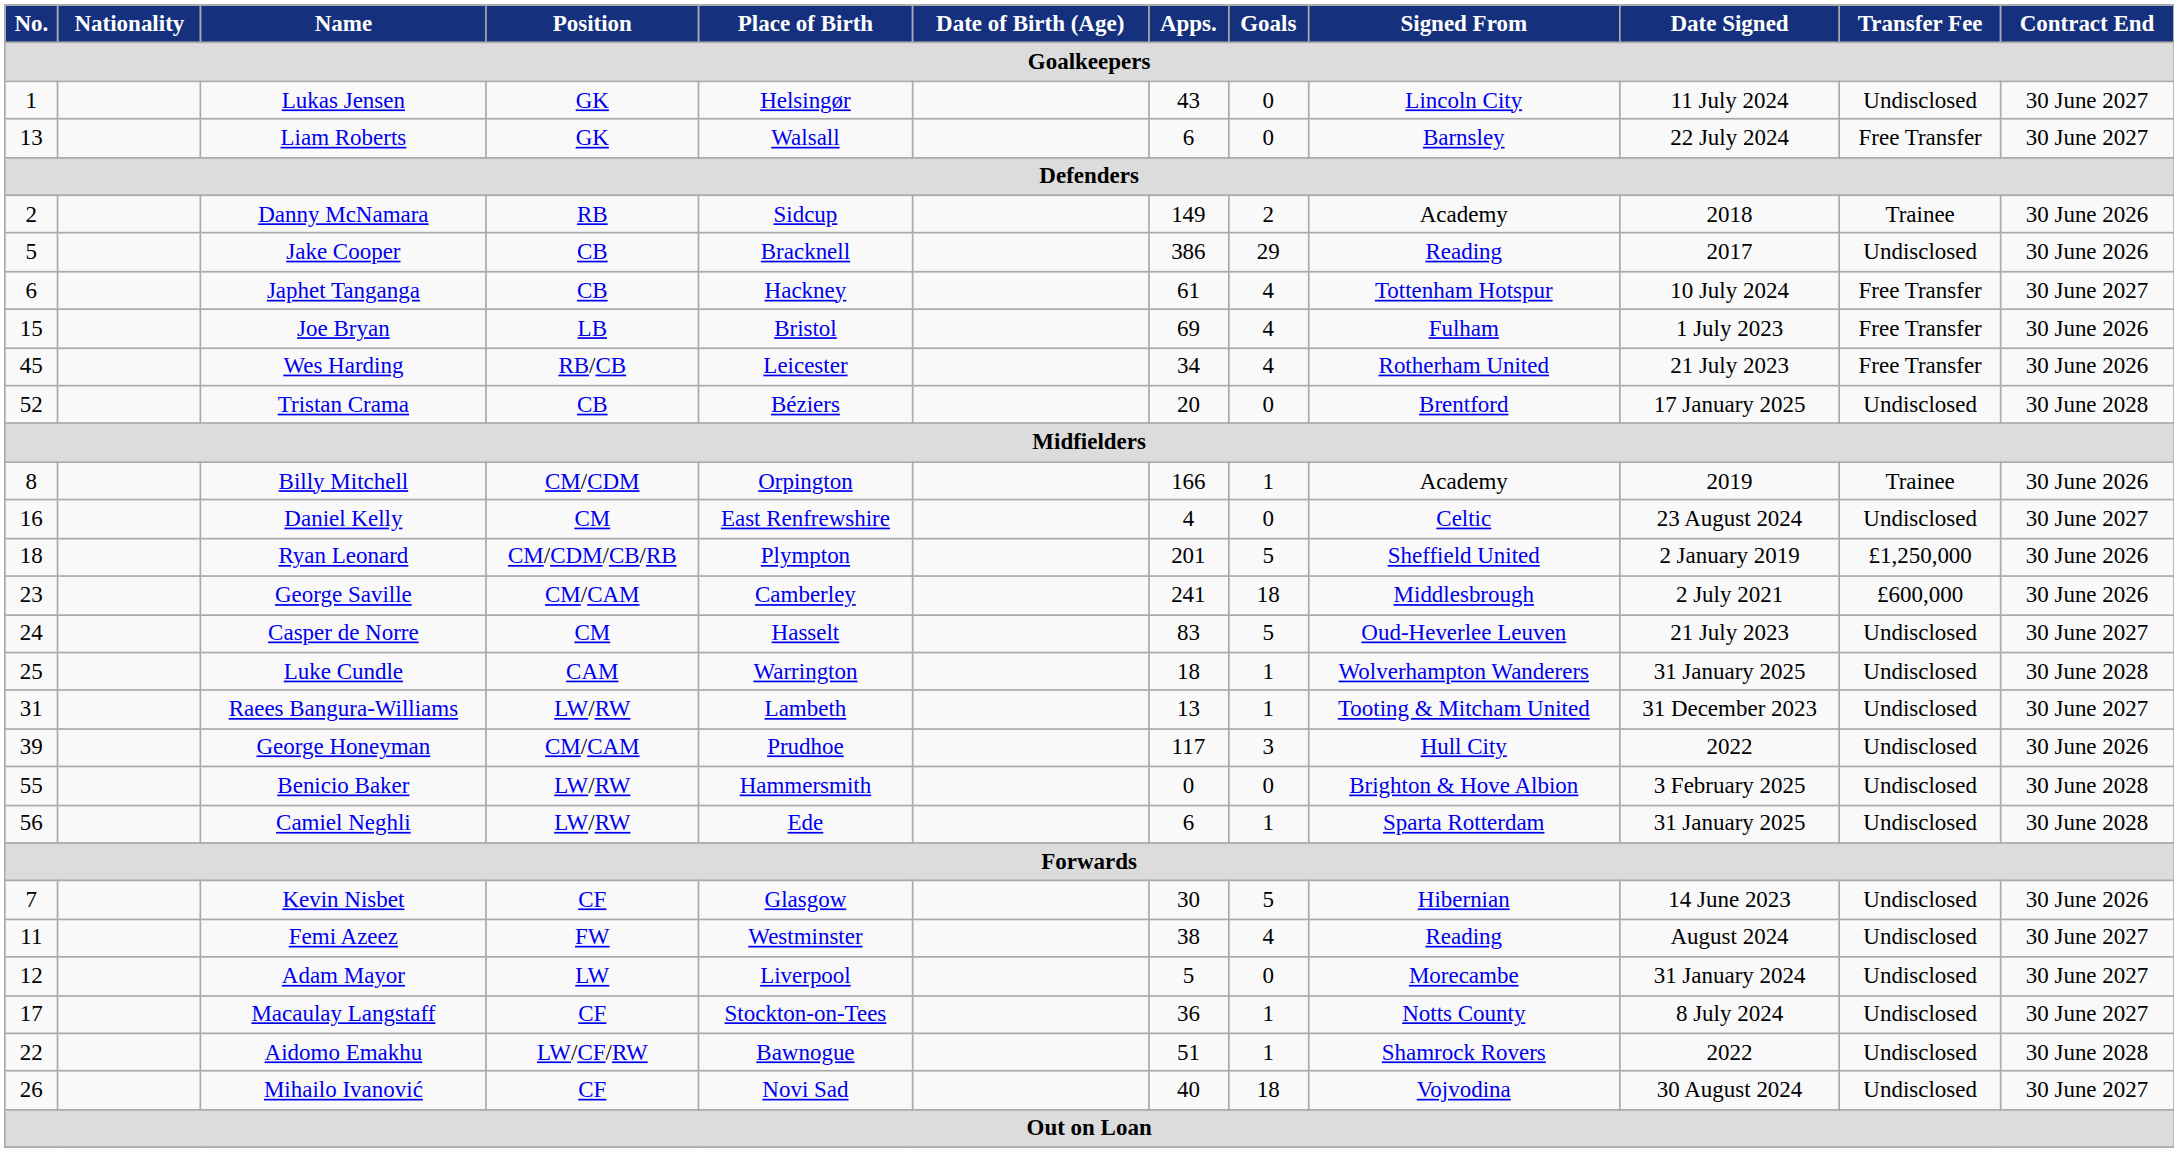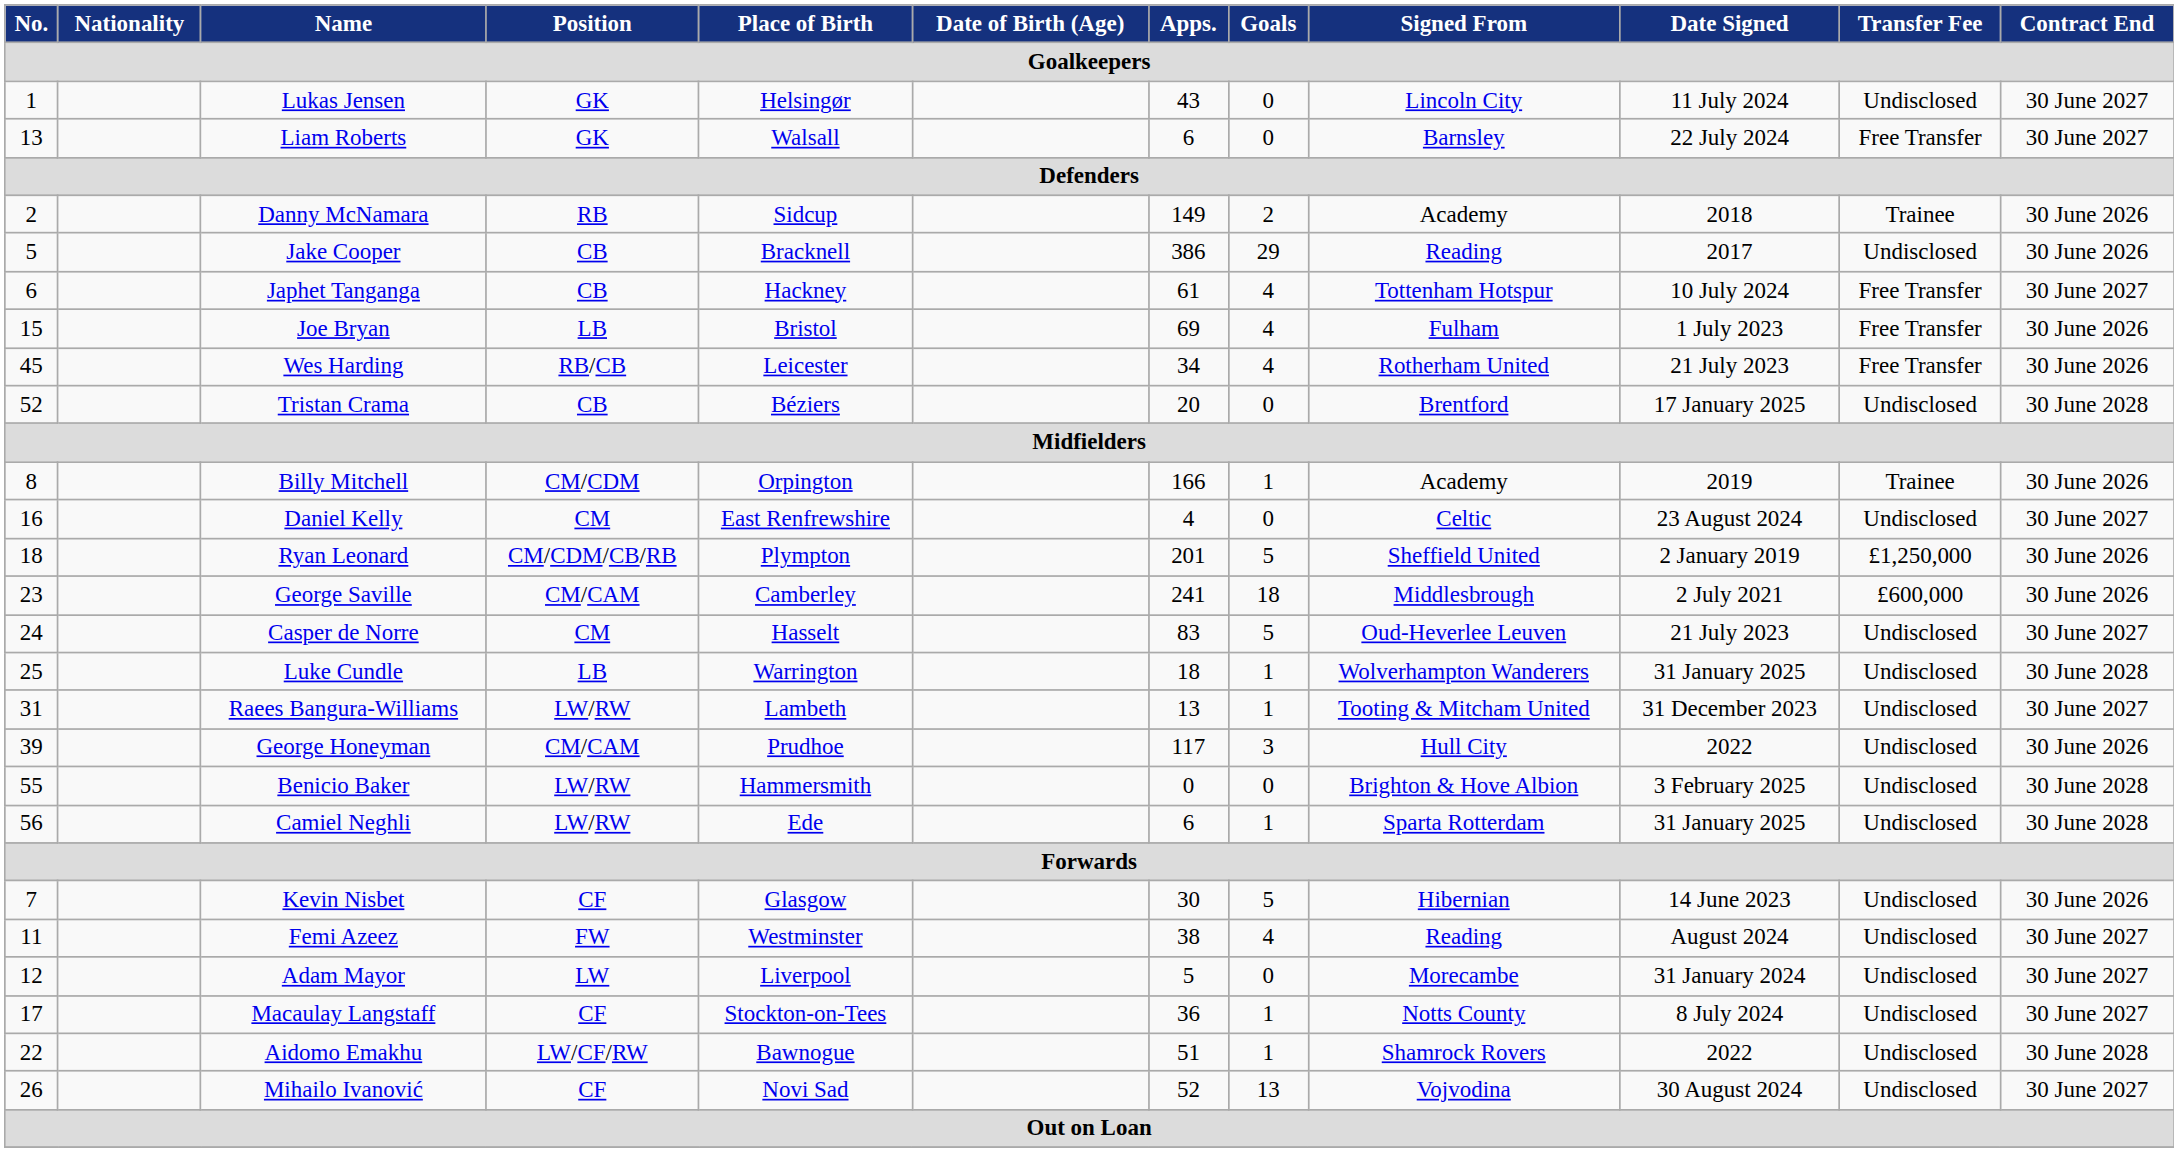 <table class="wikitable" style="text-align:center; font-size:84.5%; width:101%;">
 <tr>
 <th style="color:white; background:#15317E; text-align:center;">No.</th>
 <th style="color:white; background:#15317E; text-align:center;">Nationality</th>
 <th style="color:white; background:#15317E; text-align:center;">Name</th>
 <th style="color:white; background:#15317E; text-align:center;">Position</th>
 <th style="color:white; background:#15317E; text-align:center;">Place of Birth</th>
 <th style="color:white; background:#15317E; text-align:center;">Date of Birth (Age)</th>
 <th style="color:white; background:#15317E; text-align:center;">Apps.</th>
 <th style="color:white; background:#15317E; text-align:center;">Goals</th>
 <th style="color:white; background:#15317E; text-align:center;">Signed From</th>
 <th style="color:white; background:#15317E; text-align:center;">Date Signed</th>
 <th style="color:white; background:#15317E; text-align:center;">Transfer Fee</th>
 <th style="color:white; background:#15317E; text-align:center;">Contract End</th>
 </tr>
 <tr>
 <th colspan="14" style="background:#dcdcdc; tepxt-align:center;">Goalkeepers</th>
 </tr>
 <tr>
 <td>1</td>
 <td></td>
 <td><a href='#'>Lukas Jensen</a></td>
 <td><a href='#'>GK</a></td>
 <td><a href='#'>Helsingør</a></td>
 <td></td>
 <td>43</td>
 <td>0</td>
 <td> <a href='#'>Lincoln City</a></td>
 <td>11 July 2024</td>
 <td>Undisclosed</td>
 <td>30 June 2027</td>
 </tr>
 <tr>
 <td>13</td>
 <td></td>
 <td><a href='#'>Liam Roberts</a></td>
 <td><a href='#'>GK</a></td>
 <td><a href='#'>Walsall</a></td>
 <td></td>
 <td>6</td>
 <td>0</td>
 <td> <a href='#'>Barnsley</a></td>
 <td>22 July 2024</td>
 <td>Free Transfer</td>
 <td>30 June 2027</td>
 </tr>
 <tr>
 <th colspan="14" style="background:#dcdcdc; tepxt-align:center;">Defenders</th>
 </tr>
 <tr>
 <td>2</td>
 <td></td>
 <td><a href='#'>Danny McNamara</a></td>
 <td><a href='#'>RB</a></td>
 <td><a href='#'>Sidcup</a></td>
 <td></td>
 <td>149</td>
 <td>2</td>
 <td>Academy</td>
 <td>2018</td>
 <td>Trainee</td>
 <td>30 June 2026</td>
 </tr>
 <tr>
 <td>5</td>
 <td></td>
 <td><a href='#'>Jake Cooper</a></td>
 <td><a href='#'>CB</a></td>
 <td><a href='#'>Bracknell</a></td>
 <td></td>
 <td>386</td>
 <td>29</td>
 <td> <a href='#'>Reading</a></td>
 <td>2017</td>
 <td>Undisclosed</td>
 <td>30 June 2026</td>
 </tr>
 <tr>
 <td>6</td>
 <td></td>
 <td><a href='#'>Japhet Tanganga</a></td>
 <td><a href='#'>CB</a></td>
 <td><a href='#'>Hackney</a></td>
 <td></td>
 <td>61</td>
 <td>4</td>
 <td> <a href='#'>Tottenham Hotspur</a></td>
 <td>10 July 2024</td>
 <td>Free Transfer</td>
 <td>30 June 2027</td>
 </tr>
 <tr>
 <td>15</td>
 <td></td>
 <td><a href='#'>Joe Bryan</a></td>
 <td><a href='#'>LB</a></td>
 <td><a href='#'>Bristol</a></td>
 <td></td>
 <td>69</td>
 <td>4</td>
 <td> <a href='#'>Fulham</a></td>
 <td>1 July 2023</td>
 <td>Free Transfer</td>
 <td>30 June 2026</td>
 </tr>
 <tr>
 <td>45</td>
 <td> </td>
 <td><a href='#'>Wes Harding</a></td>
 <td><a href='#'>RB</a>/<a href='#'>CB</a></td>
 <td><a href='#'>Leicester</a></td>
 <td></td>
 <td>34</td>
 <td>4</td>
 <td> <a href='#'>Rotherham United</a></td>
 <td>21 July 2023</td>
 <td>Free Transfer</td>
 <td>30 June 2026</td>
 </tr>
 <tr>
 <td>52</td>
 <td></td>
 <td><a href='#'>Tristan Crama</a></td>
 <td><a href='#'>CB</a></td>
 <td><a href='#'>Béziers</a></td>
 <td></td>
 <td>20</td>
 <td>0</td>
 <td> <a href='#'>Brentford</a></td>
 <td>17 January 2025</td>
 <td>Undisclosed</td>
 <td>30 June 2028</td>
 </tr>
 <tr>
 <th colspan="14" style="background:#dcdcdc; tepxt-align:center;">Midfielders</th>
 </tr>
 <tr>
 <td>8</td>
 <td></td>
 <td><a href='#'>Billy Mitchell</a></td>
 <td><a href='#'>CM</a>/<a href='#'>CDM</a></td>
 <td><a href='#'>Orpington</a></td>
 <td></td>
 <td>166</td>
 <td>1</td>
 <td>Academy</td>
 <td>2019</td>
 <td>Trainee</td>
 <td>30 June 2026</td>
 </tr>
 <tr>
 <td>16</td>
 <td></td>
 <td><a href='#'>Daniel Kelly</a></td>
 <td><a href='#'>CM</a></td>
 <td><a href='#'>East Renfrewshire</a></td>
 <td></td>
 <td>4</td>
 <td>0</td>
 <td> <a href='#'>Celtic</a></td>
 <td>23 August 2024</td>
 <td>Undisclosed</td>
 <td>30 June 2027</td>
 </tr>
 <tr>
 <td>18</td>
 <td></td>
 <td><a href='#'>Ryan Leonard</a></td>
 <td><a href='#'>CM</a>/<a href='#'>CDM</a>/<a href='#'>CB</a>/<a href='#'>RB</a></td>
 <td><a href='#'>Plympton</a></td>
 <td></td>
 <td>201</td>
 <td>5</td>
 <td> <a href='#'>Sheffield United</a></td>
 <td>2 January 2019</td>
 <td>£1,250,000</td>
 <td>30 June 2026</td>
 </tr>
 <tr>
 <td>23</td>
 <td></td>
 <td><a href='#'>George Saville</a></td>
 <td><a href='#'>CM</a>/<a href='#'>CAM</a></td>
 <td><a href='#'>Camberley</a></td>
 <td></td>
 <td>241</td>
 <td>18</td>
 <td> <a href='#'>Middlesbrough</a></td>
 <td>2 July 2021</td>
 <td>£600,000</td>
 <td>30 June 2026</td>
 </tr>
 <tr>
 <td>24</td>
 <td></td>
 <td><a href='#'>Casper de Norre</a></td>
 <td><a href='#'>CM</a></td>
 <td><a href='#'>Hasselt</a></td>
 <td></td>
 <td>83</td>
 <td>5</td>
 <td> <a href='#'>Oud-Heverlee Leuven</a></td>
 <td>21 July 2023</td>
 <td>Undisclosed</td>
 <td>30 June 2027</td>
 </tr>
 <tr>
 <td>25</td>
 <td></td>
 <td><a href='#'>Luke Cundle</a></td>
-<td><a href='#'>CAM</a></td>
+<td><a href='#'>LB</a></td>
 <td><a href='#'>Warrington</a></td>
 <td></td>
 <td>18</td>
 <td>1</td>
 <td> <a href='#'>Wolverhampton Wanderers</a></td>
 <td>31 January 2025</td>
 <td>Undisclosed</td>
 <td>30 June 2028</td>
 </tr>
 <tr>
 <td>31</td>
 <td></td>
 <td><a href='#'>Raees Bangura-Williams</a></td>
 <td><a href='#'>LW</a>/<a href='#'>RW</a></td>
 <td><a href='#'>Lambeth</a></td>
 <td></td>
 <td>13</td>
 <td>1</td>
 <td> <a href='#'>Tooting & Mitcham United</a></td>
 <td>31 December 2023</td>
 <td>Undisclosed</td>
 <td>30 June 2027</td>
 </tr>
 <tr>
 <td>39</td>
 <td></td>
 <td><a href='#'>George Honeyman</a></td>
 <td><a href='#'>CM</a>/<a href='#'>CAM</a></td>
 <td><a href='#'>Prudhoe</a></td>
 <td></td>
 <td>117</td>
 <td>3</td>
 <td> <a href='#'>Hull City</a></td>
 <td>2022</td>
 <td>Undisclosed</td>
 <td>30 June 2026</td>
 </tr>
 <tr>
 <td>55</td>
 <td></td>
 <td><a href='#'>Benicio Baker</a></td>
 <td><a href='#'>LW</a>/<a href='#'>RW</a></td>
 <td><a href='#'>Hammersmith</a></td>
 <td></td>
 <td>0</td>
 <td>0</td>
 <td> <a href='#'>Brighton & Hove Albion</a></td>
 <td>3 February 2025</td>
 <td>Undisclosed</td>
 <td>30 June 2028</td>
 </tr>
 <tr>
 <td>56</td>
 <td></td>
 <td><a href='#'>Camiel Neghli</a></td>
 <td><a href='#'>LW</a>/<a href='#'>RW</a></td>
 <td><a href='#'>Ede</a></td>
 <td></td>
 <td>6</td>
 <td>1</td>
 <td> <a href='#'>Sparta Rotterdam</a></td>
 <td>31 January 2025</td>
 <td>Undisclosed</td>
 <td>30 June 2028</td>
 </tr>
 <tr>
 <th colspan="14" style="background:#dcdcdc; tepxt-align:center;">Forwards</th>
 </tr>
 <tr>
 <td>7</td>
 <td></td>
 <td><a href='#'>Kevin Nisbet</a></td>
 <td><a href='#'>CF</a></td>
 <td><a href='#'>Glasgow</a></td>
 <td></td>
 <td>30</td>
 <td>5</td>
 <td> <a href='#'>Hibernian</a></td>
 <td>14 June 2023</td>
 <td>Undisclosed</td>
 <td>30 June 2026</td>
 </tr>
 <tr>
 <td>11</td>
 <td></td>
 <td><a href='#'>Femi Azeez</a></td>
 <td><a href='#'>FW</a></td>
 <td><a href='#'>Westminster</a></td>
 <td></td>
 <td>38</td>
 <td>4</td>
 <td> <a href='#'>Reading</a></td>
 <td>August 2024</td>
 <td>Undisclosed</td>
 <td>30 June 2027</td>
 </tr>
 <tr>
 <td>12</td>
 <td></td>
 <td><a href='#'>Adam Mayor</a></td>
 <td><a href='#'>LW</a></td>
 <td><a href='#'>Liverpool</a></td>
 <td></td>
 <td>5</td>
 <td>0</td>
 <td> <a href='#'>Morecambe</a></td>
 <td>31 January 2024</td>
 <td>Undisclosed</td>
 <td>30 June 2027</td>
 </tr>
 <tr>
 <td>17</td>
 <td></td>
 <td><a href='#'>Macaulay Langstaff</a></td>
 <td><a href='#'>CF</a></td>
 <td><a href='#'>Stockton-on-Tees</a></td>
 <td></td>
 <td>36</td>
 <td>1</td>
 <td> <a href='#'>Notts County</a></td>
 <td>8 July 2024</td>
 <td>Undisclosed</td>
 <td>30 June 2027</td>
 </tr>
 <tr>
 <td>22</td>
 <td></td>
 <td><a href='#'>Aidomo Emakhu</a></td>
 <td><a href='#'>LW</a>/<a href='#'>CF</a>/<a href='#'>RW</a></td>
 <td><a href='#'>Bawnogue</a></td>
 <td></td>
 <td>51</td>
 <td>1</td>
 <td><a href='#'>Shamrock Rovers</a></td>
 <td>2022</td>
 <td>Undisclosed</td>
 <td>30 June 2028</td>
 </tr>
 <tr>
 <td>26</td>
 <td></td>
 <td><a href='#'>Mihailo Ivanović</a></td>
 <td><a href='#'>CF</a></td>
 <td><a href='#'>Novi Sad</a></td>
 <td></td>
-<td>40</td>
-<td>18</td>
+<td>52</td>
+<td>13</td>
 <td> <a href='#'>Vojvodina</a></td>
 <td>30 August 2024</td>
 <td>Undisclosed</td>
 <td>30 June 2027</td>
 </tr>
 <tr>
 <th colspan="14" style="background:#dcdcdc; tepxt-align:center;">Out on Loan</th>
 </tr>
 <tr>
 </tr>
 </table>
